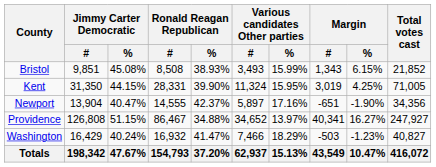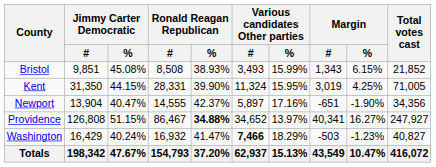 <table width="60%"  class="wikitable sortable" style="text-align:center">
 <tr>
 <th style="text-align:center;" rowspan="2">County</th>
 <th style="text-align:center;" colspan="2">Jimmy Carter<br>Democratic</th>
 <th style="text-align:center;" colspan="2">Ronald Reagan<br>Republican</th>
 <th style="text-align:center;" colspan="2">Various candidates<br>Other parties</th>
 <th style="text-align:center;" colspan="2">Margin</th>
 <th style="text-align:center;" rowspan="2">Total votes cast</th>
 </tr>
 <tr>
 <th style="text-align:center;" data-sort-type="number">#</th>
 <th style="text-align:center;" data-sort-type="number">%</th>
 <th style="text-align:center;" data-sort-type="number">#</th>
 <th style="text-align:center;" data-sort-type="number">%</th>
 <th style="text-align:center;" data-sort-type="number">#</th>
 <th style="text-align:center;" data-sort-type="number">%</th>
 <th style="text-align:center;" data-sort-type="number">#</th>
 <th style="text-align:center;" data-sort-type="number">%</th>
 </tr>
 <tr style="text-align:center;">
 <td><a href='#'>Bristol</a></td>
 <td>9,851</td>
 <td>45.08%</td>
 <td>8,508</td>
 <td>38.93%</td>
 <td>3,493</td>
 <td>15.99%</td>
 <td>1,343</td>
 <td>6.15%</td>
 <td>21,852</td>
 </tr>
 <tr style="text-align:center;">
 <td><a href='#'>Kent</a></td>
 <td>31,350</td>
 <td>44.15%</td>
 <td>28,331</td>
 <td>39.90%</td>
 <td>11,324</td>
 <td>15.95%</td>
 <td>3,019</td>
 <td>4.25%</td>
 <td>71,005</td>
 </tr>
 <tr style="text-align:center;">
 <td><a href='#'>Newport</a></td>
 <td>13,904</td>
 <td>40.47%</td>
 <td>14,555</td>
 <td>42.37%</td>
 <td>5,897</td>
 <td>17.16%</td>
 <td>-651</td>
 <td>-1.90%</td>
 <td>34,356</td>
 </tr>
 <tr style="text-align:center;">
 <td><a href='#'>Providence</a></td>
 <td>126,808</td>
 <td>51.15%</td>
 <td>86,467</td>
-<td>34.88%</td>
+<td><strong>34.88%</strong></td>
 <td>34,652</td>
 <td>13.97%</td>
 <td>40,341</td>
 <td>16.27%</td>
 <td>247,927</td>
 </tr>
 <tr style="text-align:center;">
 <td><a href='#'>Washington</a></td>
 <td>16,429</td>
 <td>40.24%</td>
 <td>16,932</td>
 <td>41.47%</td>
-<td>7,466</td>
+<td><strong>7,466</strong></td>
 <td>18.29%</td>
 <td>-503</td>
 <td>-1.23%</td>
 <td>40,827</td>
 </tr>
 <tr>
 <th>Totals</th>
 <th>198,342</th>
 <th>47.67%</th>
 <th>154,793</th>
 <th>37.20%</th>
 <th>62,937</th>
 <th>15.13%</th>
 <th>43,549</th>
 <th>10.47%</th>
 <th>416,072</th>
 </tr>
 </table>
